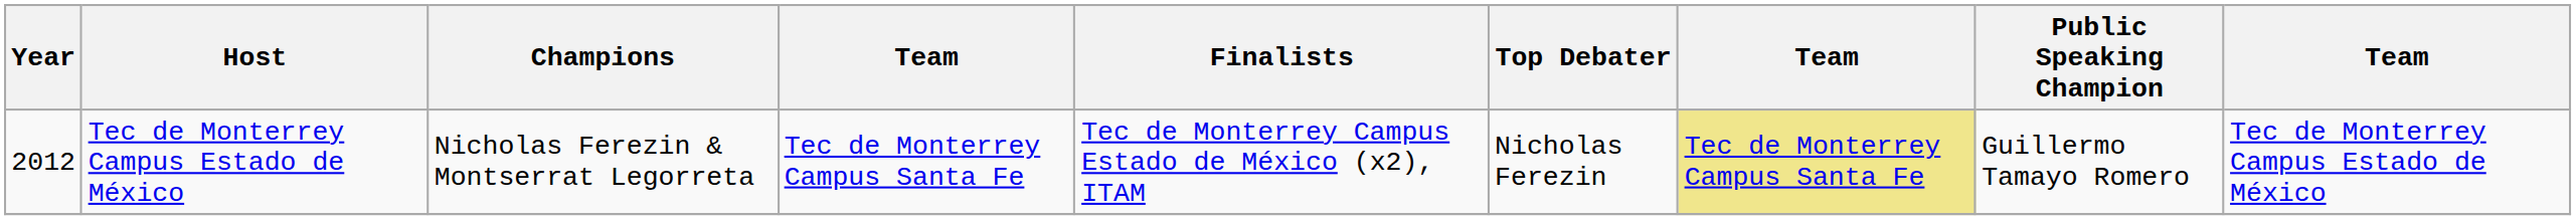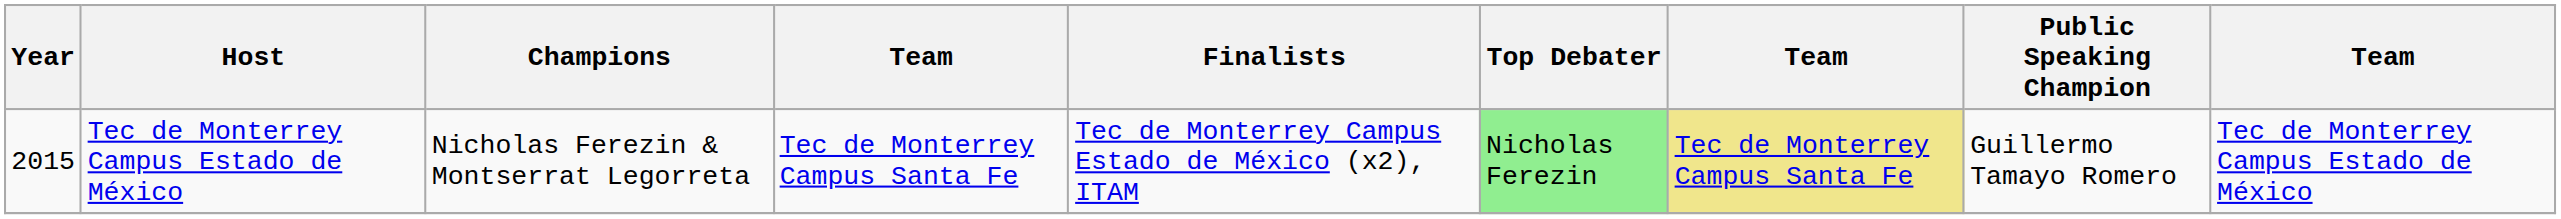 <table class="wikitable sortable">
 <tr>
 <th>Year</th>
 <th>Host</th>
 <th>Champions</th>
 <th>Team</th>
 <th>Finalists</th>
 <th>Top Debater</th>
 <th>Team</th>
 <th>Public Speaking Champion</th>
 <th>Team</th>
 </tr>
 <tr>
-<td>2012</td>
+<td>2015</td>
 <td><a href='#'>Tec de Monterrey Campus Estado de México</a></td>
 <td>Nicholas Ferezin & Montserrat Legorreta</td>
 <td><a href='#'>Tec de Monterrey Campus Santa Fe</a></td>
 <td><a href='#'>Tec de Monterrey Campus Estado de México</a> (x2), <a href='#'>ITAM</a></td>
-<td>Nicholas Ferezin</td>
+<td style="background: lightgreen;">Nicholas Ferezin</td>
 <td style="background: khaki;"><a href='#'>Tec de Monterrey Campus Santa Fe</a></td>
 <td>Guillermo Tamayo Romero</td>
 <td><a href='#'>Tec de Monterrey Campus Estado de México</a></td>
 </tr>
 <tr>
 </tr>
 </table>
